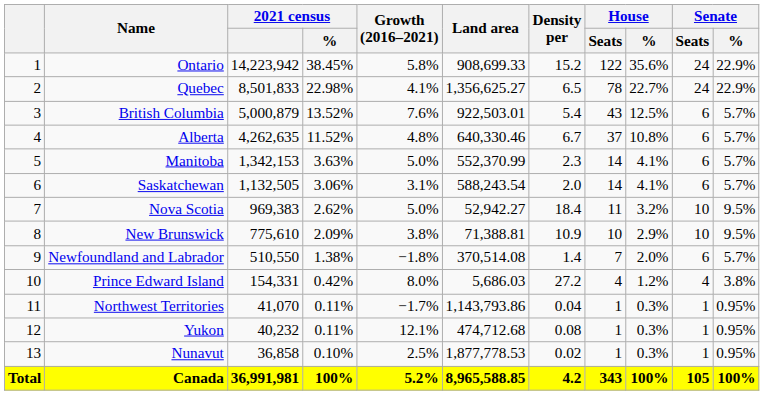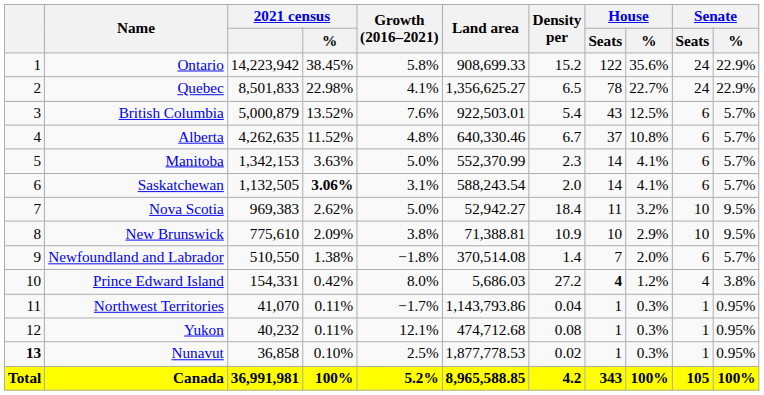 <table class="wikitable sortable col1center col2left sticky-table-col2 sticky-table-head mw-datatable" style=text-align:right;>
 <tr>
 <th rowspan="2"></th>
 <th rowspan="2">Name</th>
 <th colspan="2"><a href='#'>2021 census</a></th>
 <th rowspan="2">Growth<br>(2016–2021)</th>
 <th rowspan="2">Land area<br></th>
 <th rowspan="2">Density<br>per </th>
 <th colspan="2"><a href='#'>House</a></th>
 <th colspan="2"><a href='#'>Senate</a></th>
 </tr>
 <tr>
 <th></th>
 <th class="sticky-table-none">%</th>
 <th>Seats</th>
 <th>%</th>
 <th>Seats</th>
 <th>%</th>
 </tr>
 <tr>
 <td>1</td>
 <td><a href='#'>Ontario</a></td>
 <td>14,223,942</td>
 <td>38.45%</td>
 <td>5.8%</td>
 <td>908,699.33</td>
 <td>15.2</td>
 <td>122</td>
 <td>35.6%</td>
 <td>24</td>
 <td>22.9%</td>
 </tr>
 <tr>
 <td>2</td>
 <td><a href='#'>Quebec</a></td>
 <td>8,501,833</td>
 <td>22.98%</td>
 <td>4.1%</td>
 <td>1,356,625.27</td>
 <td>6.5</td>
 <td>78</td>
 <td>22.7%</td>
 <td>24</td>
 <td>22.9%</td>
 </tr>
 <tr>
 <td>3</td>
 <td><a href='#'>British Columbia</a></td>
 <td>5,000,879</td>
 <td>13.52%</td>
 <td>7.6%</td>
 <td>922,503.01</td>
 <td>5.4</td>
 <td>43</td>
 <td>12.5%</td>
 <td>6</td>
 <td>5.7%</td>
 </tr>
 <tr>
 <td>4</td>
 <td><a href='#'>Alberta</a></td>
 <td>4,262,635</td>
 <td>11.52%</td>
 <td>4.8%</td>
 <td>640,330.46</td>
 <td>6.7</td>
 <td>37</td>
 <td>10.8%</td>
 <td>6</td>
 <td>5.7%</td>
 </tr>
 <tr>
 <td>5</td>
 <td><a href='#'>Manitoba</a></td>
 <td>1,342,153</td>
 <td>3.63%</td>
 <td>5.0%</td>
 <td>552,370.99</td>
 <td>2.3</td>
 <td>14</td>
 <td>4.1%</td>
 <td>6</td>
 <td>5.7%</td>
 </tr>
 <tr>
 <td>6</td>
 <td><a href='#'>Saskatchewan</a></td>
 <td>1,132,505</td>
-<td>3.06%</td>
+<td><strong>3.06%</strong></td>
 <td>3.1%</td>
 <td>588,243.54</td>
 <td>2.0</td>
 <td>14</td>
 <td>4.1%</td>
 <td>6</td>
 <td>5.7%</td>
 </tr>
 <tr>
 <td>7</td>
 <td><a href='#'>Nova Scotia</a></td>
 <td>969,383</td>
 <td>2.62%</td>
 <td>5.0%</td>
 <td>52,942.27</td>
 <td>18.4</td>
 <td>11</td>
 <td>3.2%</td>
 <td>10</td>
 <td>9.5%</td>
 </tr>
 <tr>
 <td>8</td>
 <td><a href='#'>New Brunswick</a></td>
 <td>775,610</td>
 <td>2.09%</td>
 <td>3.8%</td>
 <td>71,388.81</td>
 <td>10.9</td>
 <td>10</td>
 <td>2.9%</td>
 <td>10</td>
 <td>9.5%</td>
 </tr>
 <tr>
 <td>9</td>
 <td><a href='#'>Newfoundland and Labrador</a></td>
 <td>510,550</td>
 <td>1.38%</td>
 <td>−1.8%</td>
 <td>370,514.08</td>
 <td>1.4</td>
 <td>7</td>
 <td>2.0%</td>
 <td>6</td>
 <td>5.7%</td>
 </tr>
 <tr>
 <td>10</td>
 <td><a href='#'>Prince Edward Island</a></td>
 <td>154,331</td>
 <td>0.42%</td>
 <td>8.0%</td>
 <td>5,686.03</td>
 <td>27.2</td>
-<td>4</td>
+<td><strong>4</strong></td>
 <td>1.2%</td>
 <td>4</td>
 <td>3.8%</td>
 </tr>
 <tr>
 <td>11 </td>
 <td><a href='#'>Northwest Territories</a></td>
 <td>41,070</td>
 <td>0.11%</td>
 <td>−1.7%</td>
 <td>1,143,793.86</td>
 <td>0.04</td>
 <td>1</td>
 <td>0.3%</td>
 <td>1</td>
 <td>0.95%</td>
 </tr>
 <tr>
 <td>12</td>
 <td><a href='#'>Yukon</a></td>
 <td>40,232</td>
 <td>0.11%</td>
 <td>12.1%</td>
 <td>474,712.68</td>
 <td>0.08</td>
 <td>1</td>
 <td>0.3%</td>
 <td>1</td>
 <td>0.95%</td>
 </tr>
 <tr>
-<td>13</td>
+<td><strong>13</strong></td>
 <td><a href='#'>Nunavut</a></td>
 <td>36,858</td>
 <td>0.10%</td>
 <td>2.5%</td>
 <td>1,877,778.53</td>
 <td>0.02</td>
 <td>1</td>
 <td>0.3%</td>
 <td>1</td>
 <td>0.95%</td>
 </tr>
 <tr class="sortbottom" style="font-weight:bold; background-color:yellow;">
 <td>Total</td>
 <td>Canada</td>
 <td>36,991,981</td>
 <td>100%</td>
 <td>5.2%</td>
 <td>8,965,588.85</td>
 <td>4.2</td>
 <td>343</td>
 <td>100%</td>
 <td>105</td>
 <td>100%</td>
 </tr>
 </table>
